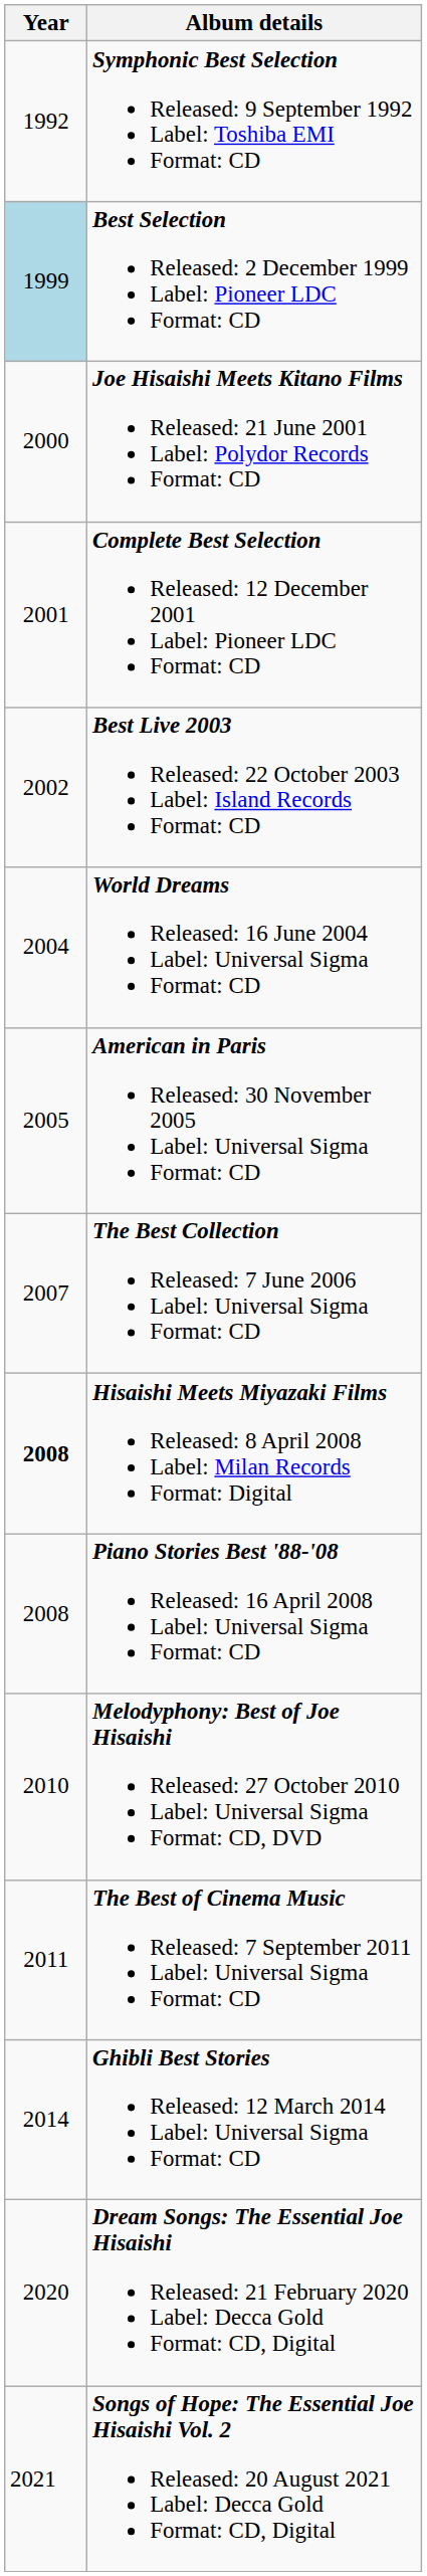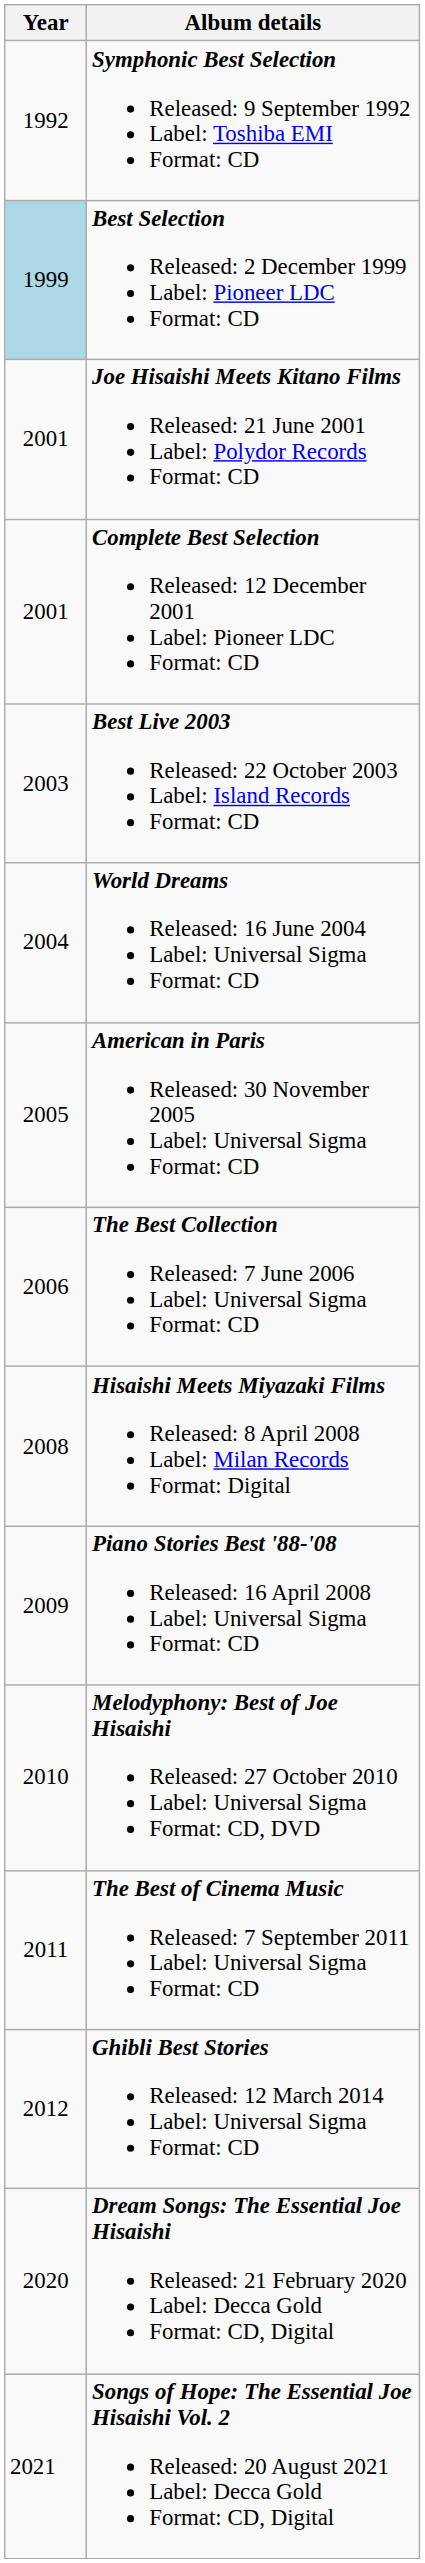 <table class="wikitable">
 <tr>
 <th style="width:50px;">Year</th>
 <th style="width:225px;">Album details</th>
 </tr>
 <tr style="text-align:center;">
 <td>1992</td>
 <td align="left"><strong><em>Symphonic Best Selection</em></strong><br><ul><li>Released: 9 September 1992</li><li>Label: <a href='#'>Toshiba EMI</a></li><li>Format: CD</li></ul></td>
 </tr>
 <tr style="text-align:center;">
 <td style="background: lightblue;">1999</td>
 <td align="left"><strong><em>Best Selection</em></strong><br><ul><li>Released: 2 December 1999</li><li>Label: <a href='#'>Pioneer LDC</a></li><li>Format: CD</li></ul></td>
 </tr>
 <tr style="text-align:center;">
-<td>2000</td>
+<td>2001</td>
 <td align="left"><strong><em>Joe Hisaishi Meets Kitano Films</em></strong><br><ul><li>Released: 21 June 2001</li><li>Label: <a href='#'>Polydor Records</a></li><li>Format: CD</li></ul></td>
 </tr>
 <tr style="text-align:center;">
 <td>2001</td>
 <td align="left"><strong><em>Complete Best Selection</em></strong><br><ul><li>Released: 12 December 2001</li><li>Label: Pioneer LDC</li><li>Format: CD</li></ul></td>
 </tr>
 <tr style="text-align:center;">
-<td>2002</td>
+<td>2003</td>
 <td align="left"><strong><em>Best Live 2003</em></strong><br><ul><li>Released: 22 October 2003</li><li>Label: <a href='#'>Island Records</a></li><li>Format: CD</li></ul></td>
 </tr>
 <tr style="text-align:center;">
 <td>2004</td>
 <td align="left"><strong><em>World Dreams</em></strong><br><ul><li>Released: 16 June 2004</li><li>Label: Universal Sigma</li><li>Format: CD</li></ul></td>
 </tr>
 <tr style="text-align:center;">
 <td>2005</td>
 <td align="left"><strong><em>American in Paris</em></strong><br><ul><li>Released: 30 November 2005</li><li>Label: Universal Sigma</li><li>Format: CD</li></ul></td>
 </tr>
 <tr style="text-align:center;">
-<td>2007</td>
+<td>2006</td>
 <td align="left"><strong><em>The Best Collection</em></strong><br><ul><li>Released: 7 June 2006</li><li>Label: Universal Sigma</li><li>Format: CD</li></ul></td>
 </tr>
 <tr style="text-align:center;">
-<td><strong>2008</strong></td>
+<td>2008</td>
 <td align="left"><strong><em>Hisaishi Meets Miyazaki Films</em></strong><br><ul><li>Released: 8 April 2008</li><li>Label: <a href='#'>Milan Records</a></li><li>Format: Digital</li></ul></td>
 </tr>
 <tr style="text-align:center;">
-<td>2008</td>
+<td>2009</td>
 <td align="left"><strong><em>Piano Stories Best '88-'08</em></strong><br><ul><li>Released: 16 April 2008</li><li>Label: Universal Sigma</li><li>Format: CD</li></ul></td>
 </tr>
 <tr style="text-align:center;">
 <td>2010</td>
 <td align="left"><strong><em>Melodyphony: Best of Joe Hisaishi</em></strong><br><ul><li>Released: 27 October 2010</li><li>Label: Universal Sigma</li><li>Format: CD, DVD</li></ul></td>
 </tr>
 <tr style="text-align:center;">
 <td>2011</td>
 <td align="left"><strong><em>The Best of Cinema Music</em></strong><br><ul><li>Released: 7 September 2011</li><li>Label: Universal Sigma</li><li>Format: CD</li></ul></td>
 </tr>
 <tr style="text-align:center;">
-<td>2014</td>
+<td>2012</td>
 <td align="left"><strong><em>Ghibli Best Stories</em></strong><br><ul><li>Released: 12 March 2014</li><li>Label: Universal Sigma</li><li>Format: CD</li></ul></td>
 </tr>
 <tr style="text-align:center;">
 <td>2020</td>
 <td align="left"><strong><em>Dream Songs: The Essential Joe Hisaishi</em></strong><br><ul><li>Released: 21 February 2020</li><li>Label: Decca Gold</li><li>Format: CD, Digital</li></ul></td>
 </tr>
 <tr>
 <td>2021</td>
 <td><strong><em>Songs of Hope: The Essential Joe Hisaishi Vol. 2</em></strong><br><ul><li>Released: 20 August 2021</li><li>Label: Decca Gold</li><li>Format: CD, Digital</li></ul></td>
 </tr>
 </table>
